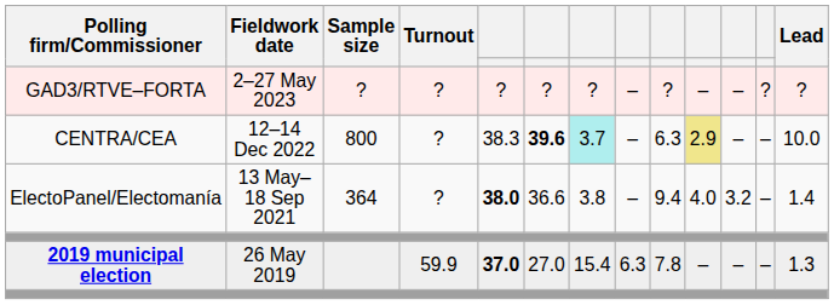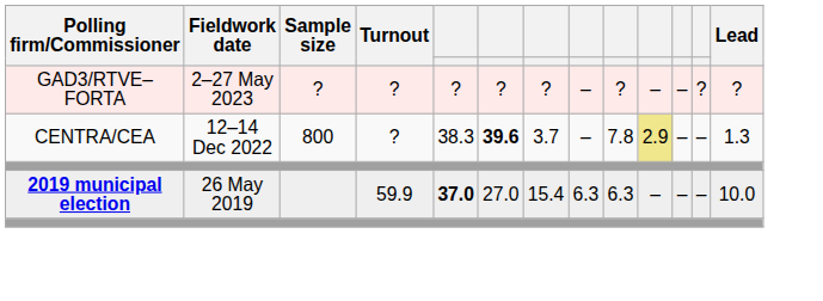 <table class="wikitable collapsible collapsed" style="text-align:center; font-size:95%; line-height:16px;">
 <tr style="height:42px;">
 <th style="width:250px;" rowspan="2">Polling firm/Commissioner</th>
 <th style="width:125px;" rowspan="2">Fieldwork date</th>
 <th style="width:50px;" rowspan="2">Sample size</th>
 <th style="width:45px;" rowspan="2">Turnout</th>
 <th style="width:35px;"></th>
 <th style="width:35px;"></th>
 <th style="width:35px;"></th>
 <th style="width:35px;"></th>
 <th style="width:35px;"></th>
 <th style="width:35px;"></th>
 <th style="width:35px;"></th>
 <th style="width:35px;"></th>
 <th style="width:30px;" rowspan="2">Lead</th>
 </tr>
 <tr>
 <th style="color:inherit;background:"></th>
 <th style="color:inherit;background:"></th>
 <th style="color:inherit;background:"></th>
 <th style="color:inherit;background:"></th>
 <th style="color:inherit;background:"></th>
 <th style="color:inherit;background:"></th>
 <th style="color:inherit;background:"></th>
 <th style="color:inherit;background:"></th>
 </tr>
 <tr style="background:#FFEAEA;">
 <td>GAD3/RTVE–FORTA</td>
 <td>2–27 May 2023</td>
 <td>?</td>
 <td>?</td>
 <td>?<br></td>
 <td>?<br></td>
 <td>?<br></td>
 <td>–</td>
 <td>?<br></td>
 <td>–</td>
 <td>–</td>
 <td>?<br></td>
 <td style="background:">?</td>
 </tr>
 <tr>
 <td>CENTRA/CEA</td>
 <td>12–14 Dec 2022</td>
 <td>800</td>
 <td>?</td>
 <td>38.3<br></td>
 <td><strong>39.6</strong><br></td>
-<td style="background: paleturquoise;">3.7<br></td>
+<td>3.7<br></td>
 <td>–</td>
-<td>6.3<br></td>
+<td>7.8<br></td>
 <td style="background: khaki;">2.9<br></td>
 <td>–</td>
 <td>–</td>
-<td style="background:">10.0</td>
-</tr>
-<tr>
-<td>ElectoPanel/Electomanía</td>
-<td>13 May–18 Sep 2021</td>
-<td>364</td>
-<td>?</td>
-<td><strong>38.0</strong><br></td>
-<td>36.6<br></td>
-<td>3.8<br></td>
-<td>–</td>
-<td>9.4<br></td>
-<td>4.0<br></td>
-<td>3.2<br></td>
-<td>–</td>
-<td style="background:">1.4</td>
+<td style="background:">1.3</td>
 </tr>
 <tr>
 <td colspan="13" style="background:#A0A0A0"></td>
 </tr>
 <tr style="background:#EFEFEF;">
 <td><strong><a href='#'>2019 municipal election</a></strong></td>
 <td>26 May 2019</td>
 <td></td>
 <td>59.9</td>
 <td><strong>37.0</strong><br></td>
 <td>27.0<br></td>
 <td>15.4<br></td>
 <td>6.3<br></td>
-<td>7.8<br></td>
+<td>6.3<br></td>
 <td>–</td>
 <td>–</td>
 <td>–</td>
-<td style="background:">1.3</td>
+<td style="background:">10.0</td>
 </tr>
 <tr>
 <td colspan="13" style="background:#A0A0A0"></td>
 </tr>
 </table>
